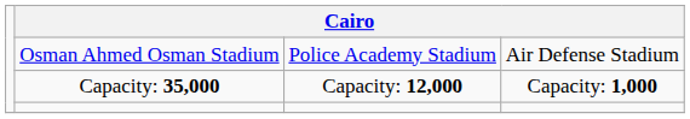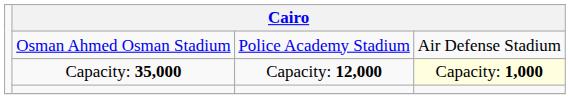 <table class="wikitable" style="text-align:center">
 <tr>
 <td rowspan="4"></td>
 <th colspan="3"><a href='#'>Cairo</a></th>
 </tr>
 <tr>
 <td><a href='#'>Osman Ahmed Osman Stadium</a></td>
 <td><a href='#'>Police Academy Stadium</a></td>
 <td>Air Defense Stadium</td>
 </tr>
 <tr>
 <td>Capacity: <strong>35,000</strong></td>
 <td>Capacity: <strong>12,000</strong></td>
-<td>Capacity: <strong>1,000</strong></td>
+<td style="background: lightyellow;">Capacity: <strong>1,000</strong></td>
 </tr>
 <tr>
 <td></td>
 <td></td>
 <td></td>
 </tr>
 <tr>
 </tr>
 </table>
